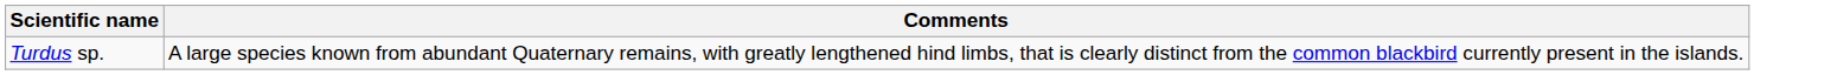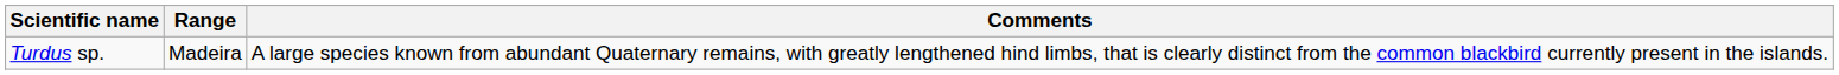 <table class="wikitable">
 <tr>
 <th>Scientific name</th>
+<th>Range</th>
 <th class="unsortable">Comments</th>
 </tr>
 <tr>
 <td><em><a href='#'>Turdus</a></em> sp.</td>
+<td>Madeira</td>
 <td>A large species known from abundant Quaternary remains, with greatly lengthened hind limbs, that is clearly distinct from the <a href='#'>common blackbird</a> currently present in the islands.</td>
 </tr>
 </table>
